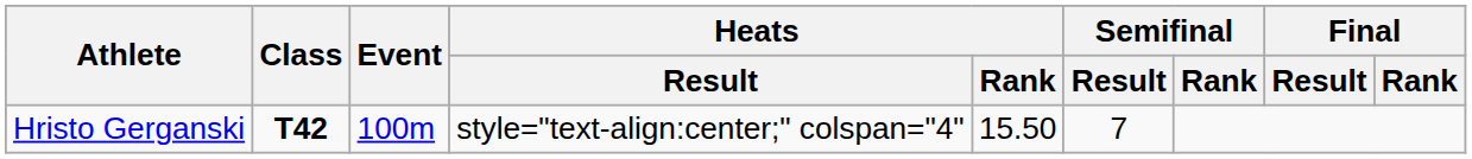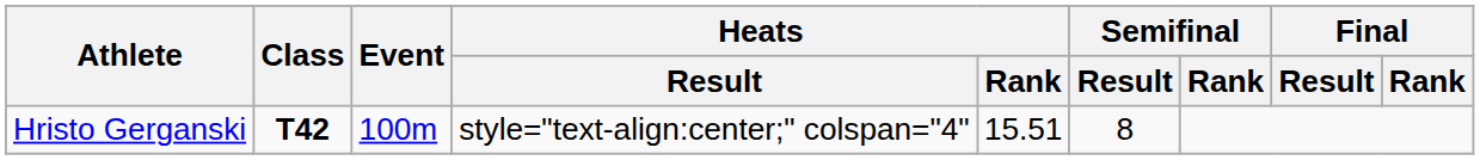 <table class=wikitable style="font-size:90%">
 <tr>
 <th rowspan="2">Athlete</th>
 <th rowspan="2">Class</th>
 <th rowspan="2">Event</th>
 <th colspan="2">Heats</th>
 <th colspan="2">Semifinal</th>
 <th colspan="2">Final</th>
 </tr>
 <tr>
 <th>Result</th>
 <th>Rank</th>
 <th>Result</th>
 <th>Rank</th>
 <th>Result</th>
 <th>Rank</th>
 </tr>
 <tr>
 <td><a href='#'>Hristo Gerganski</a></td>
 <td style="text-align:center;"><strong>T42</strong></td>
 <td><a href='#'>100m</a></td>
 <td>style="text-align:center;" colspan="4" </td>
-<td style="text-align:center;">15.50</td>
-<td style="text-align:center;">7</td>
+<td style="text-align:center;">15.51</td>
+<td style="text-align:center;">8</td>
 </tr>
 </table>
